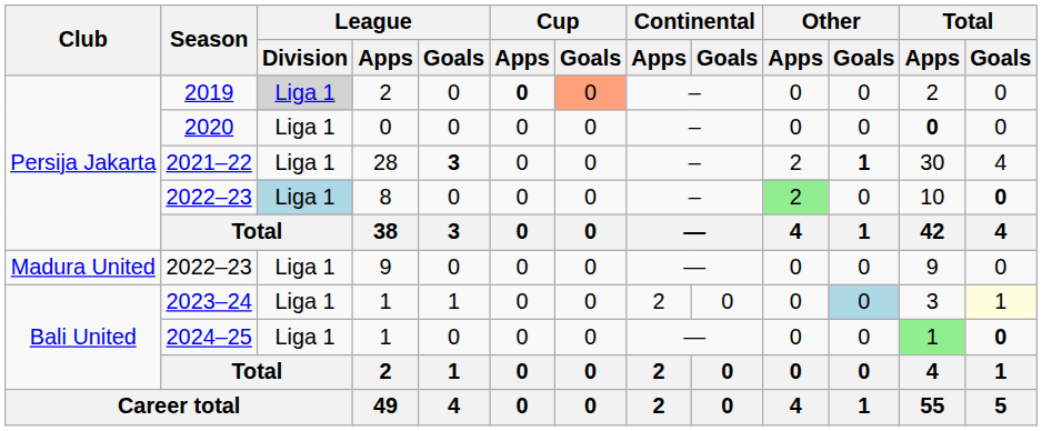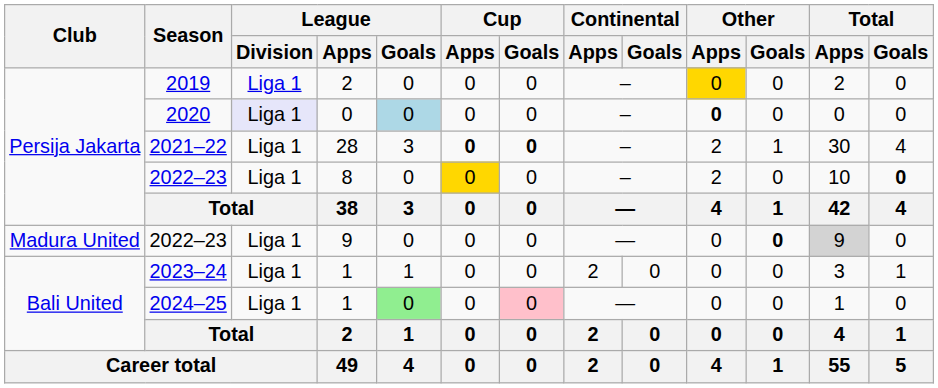 <table class="wikitable" style="text-align: center">
 <tr>
 <th rowspan="2">Club</th>
 <th rowspan="2">Season</th>
 <th colspan="3">League</th>
 <th colspan="2">Cup</th>
 <th colspan="2">Continental</th>
 <th colspan="2">Other</th>
 <th colspan="2">Total</th>
 </tr>
 <tr>
 <th>Division</th>
 <th>Apps</th>
 <th>Goals</th>
 <th>Apps</th>
 <th>Goals</th>
 <th>Apps</th>
 <th>Goals</th>
 <th>Apps</th>
 <th>Goals</th>
 <th>Apps</th>
 <th>Goals</th>
 </tr>
 <tr>
 <td rowspan="5"><a href='#'>Persija Jakarta</a></td>
 <td><a href='#'>2019</a></td>
-<td rowspan="1" valign="center" style="background: lightgrey;"><a href='#'>Liga 1</a></td>
+<td rowspan="1" valign="center"><a href='#'>Liga 1</a></td>
 <td>2</td>
 <td>0</td>
-<td><strong>0</strong></td>
-<td style="background: lightsalmon;">0</td>
+<td>0</td>
+<td>0</td>
 <td colspan="2">–</td>
-<td>0</td>
+<td style="background: gold;">0</td>
 <td>0</td>
 <td>2</td>
 <td>0</td>
 </tr>
 <tr>
 <td><a href='#'>2020</a></td>
-<td rowspan="1" valign="center">Liga 1</td>
+<td rowspan="1" valign="center" style="background: lavender;">Liga 1</td>
 <td>0</td>
-<td>0</td>
+<td style="background: lightblue;">0</td>
 <td>0</td>
 <td>0</td>
 <td colspan="2">–</td>
+<td><strong>0</strong></td>
 <td>0</td>
 <td>0</td>
-<td><strong>0</strong></td>
 <td>0</td>
 </tr>
 <tr>
 <td><a href='#'>2021–22</a></td>
 <td rowspan="1" valign="center">Liga 1</td>
 <td>28</td>
-<td><strong>3</strong></td>
-<td>0</td>
-<td>0</td>
+<td>3</td>
+<td><strong>0</strong></td>
+<td><strong>0</strong></td>
 <td colspan="2">–</td>
 <td>2</td>
-<td><strong>1</strong></td>
+<td>1</td>
 <td>30</td>
 <td>4</td>
 </tr>
 <tr>
 <td><a href='#'>2022–23</a></td>
-<td rowspan="1" valign="center" style="background: lightblue;">Liga 1</td>
+<td rowspan="1" valign="center">Liga 1</td>
 <td>8</td>
 <td>0</td>
-<td>0</td>
+<td style="background: gold;">0</td>
 <td>0</td>
 <td colspan=2>–</td>
-<td style="background: lightgreen;">2</td>
+<td>2</td>
 <td>0</td>
 <td>10</td>
 <td><strong>0</strong></td>
 </tr>
 <tr>
 <th colspan=2>Total</th>
 <th>38</th>
 <th>3</th>
 <th>0</th>
 <th>0</th>
 <th colspan="2">—</th>
 <th>4</th>
 <th>1</th>
 <th>42</th>
 <th>4</th>
 </tr>
 <tr>
 <td rowspan="1"><a href='#'>Madura United</a></td>
 <td>2022–23</td>
 <td rowspan="1">Liga 1</td>
 <td>9</td>
 <td>0</td>
 <td>0</td>
 <td>0</td>
 <td colspan="2">—</td>
 <td>0</td>
-<td>0</td>
-<td>9</td>
+<td><strong>0</strong></td>
+<td style="background: lightgrey;">9</td>
 <td>0</td>
 </tr>
 <tr>
 <td rowspan=3 valign="center"><a href='#'>Bali United</a></td>
 <td><a href='#'>2023–24</a></td>
 <td rowspan="1">Liga 1</td>
 <td>1</td>
 <td>1</td>
 <td>0</td>
 <td>0</td>
 <td>2</td>
 <td>0</td>
 <td>0</td>
-<td style="background: lightblue;">0</td>
+<td>0</td>
 <td>3</td>
-<td style="background: lightyellow;">1</td>
+<td>1</td>
 </tr>
 <tr>
 <td><a href='#'>2024–25</a></td>
 <td rowspan="1">Liga 1</td>
 <td>1</td>
+<td style="background: lightgreen;">0</td>
 <td>0</td>
-<td>0</td>
-<td>0</td>
+<td style="background: pink;">0</td>
 <td colspan="2">—</td>
 <td>0</td>
 <td>0</td>
-<td style="background: lightgreen;">1</td>
-<td><strong>0</strong></td>
+<td>1</td>
+<td>0</td>
 </tr>
 <tr>
 <th colspan=2>Total</th>
 <th>2</th>
 <th>1</th>
 <th>0</th>
 <th>0</th>
 <th>2</th>
 <th>0</th>
 <th>0</th>
 <th>0</th>
 <th>4</th>
 <th>1</th>
 </tr>
 <tr>
 <th colspan=3>Career total</th>
 <th>49</th>
 <th>4</th>
 <th>0</th>
 <th>0</th>
 <th>2</th>
 <th>0</th>
 <th>4</th>
 <th>1</th>
 <th>55</th>
 <th>5</th>
 </tr>
 </table>
